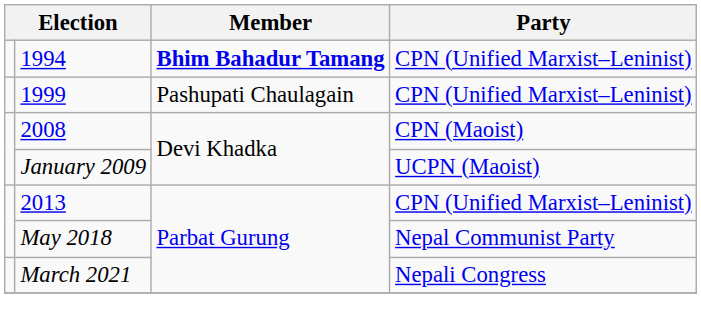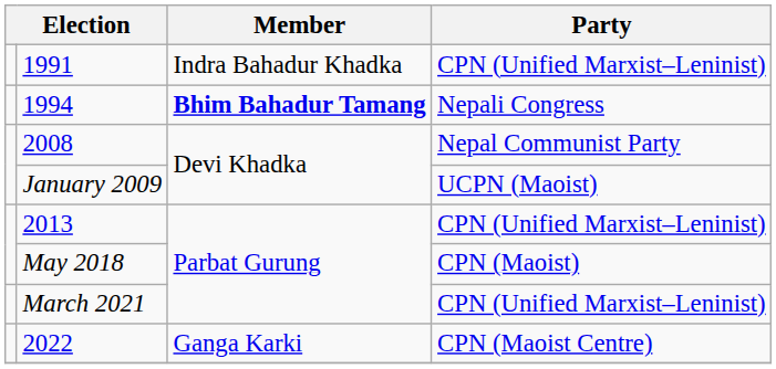 <table class="wikitable">
 <tr>
 <th colspan="2">Election</th>
 <th>Member</th>
 <th>Party</th>
 </tr>
 <tr>
 <td style="background-color:"></td>
-<td><a href='#'>1994</a></td>
-<td><strong><a href='#'>Bhim Bahadur Tamang</a></strong></td>
+<td><a href='#'>1991</a></td>
+<td>Indra Bahadur Khadka</td>
 <td><a href='#'>CPN (Unified Marxist–Leninist)</a></td>
 </tr>
 <tr>
 <td style="background-color:"></td>
-<td><a href='#'>1999</a></td>
-<td>Pashupati Chaulagain</td>
-<td><a href='#'>CPN (Unified Marxist–Leninist)</a></td>
+<td><a href='#'>1994</a></td>
+<td><strong><a href='#'>Bhim Bahadur Tamang</a></strong></td>
+<td><a href='#'>Nepali Congress</a></td>
 </tr>
 <tr>
 <td rowspan="2" style="background-color:"></td>
 <td><a href='#'>2008</a></td>
 <td rowspan="2">Devi Khadka</td>
-<td><a href='#'>CPN (Maoist)</a></td>
+<td><a href='#'>Nepal Communist Party</a></td>
 </tr>
 <tr>
 <td><em>January 2009</em></td>
 <td><a href='#'>UCPN (Maoist)</a></td>
 </tr>
 <tr>
 <td rowspan="2" style="background-color:"></td>
 <td><a href='#'>2013</a></td>
 <td rowspan="3"><a href='#'>Parbat Gurung</a></td>
 <td><a href='#'>CPN (Unified Marxist–Leninist)</a></td>
 </tr>
 <tr>
 <td><em>May 2018</em></td>
-<td><a href='#'>Nepal Communist Party</a></td>
+<td><a href='#'>CPN (Maoist)</a></td>
 </tr>
 <tr>
 <td style="background-color:"></td>
 <td><em>March 2021</em></td>
-<td><a href='#'>Nepali Congress</a></td>
+<td><a href='#'>CPN (Unified Marxist–Leninist)</a></td>
+</tr>
+<tr>
+<td></td>
+<td><a href='#'>2022</a></td>
+<td><a href='#'>Ganga Karki</a></td>
+<td><a href='#'>CPN (Maoist Centre)</a></td>
 </tr>
 <tr>
 </tr>
 </table>
